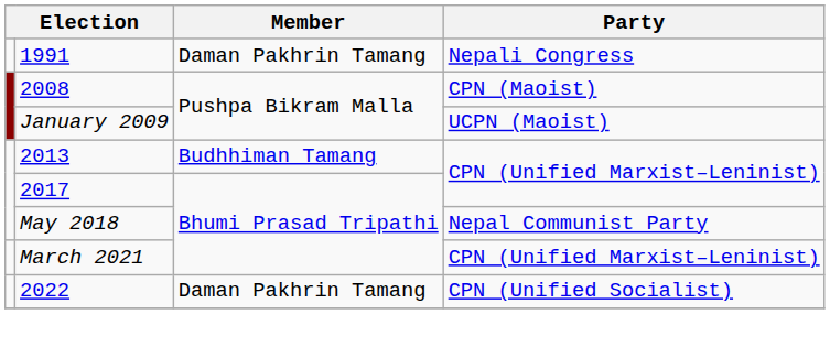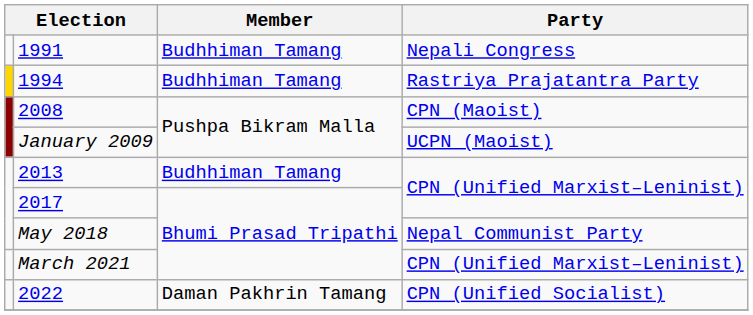 <table class="wikitable">
 <tr>
 <th colspan="2">Election</th>
 <th>Member</th>
 <th>Party</th>
 </tr>
 <tr>
 <td style="background-color:"></td>
 <td><a href='#'>1991</a></td>
-<td>Daman Pakhrin Tamang</td>
+<td><a href='#'>Budhhiman Tamang</a></td>
 <td><a href='#'>Nepali Congress</a></td>
+</tr>
+<tr>
+<td style="background-color:gold"></td>
+<td><a href='#'>1994</a></td>
+<td><a href='#'>Budhhiman Tamang</a></td>
+<td><a href='#'>Rastriya Prajatantra Party</a></td>
 </tr>
 <tr>
 <td rowspan="2" style="background-color:darkred"></td>
 <td><a href='#'>2008</a></td>
 <td rowspan="2">Pushpa Bikram Malla</td>
 <td><a href='#'>CPN (Maoist)</a></td>
 </tr>
 <tr>
 <td><em>January 2009</em></td>
 <td><a href='#'>UCPN (Maoist)</a></td>
 </tr>
 <tr>
 <td rowspan="3" style="background-color:"></td>
 <td><a href='#'>2013</a></td>
 <td><a href='#'>Budhhiman Tamang</a></td>
 <td rowspan="2"><a href='#'>CPN (Unified Marxist–Leninist)</a></td>
 </tr>
 <tr>
 <td><a href='#'>2017</a></td>
 <td rowspan="3"><a href='#'>Bhumi Prasad Tripathi</a></td>
 </tr>
 <tr>
 <td><em>May 2018</em></td>
 <td><a href='#'>Nepal Communist Party</a></td>
 </tr>
 <tr>
 <td></td>
 <td><em>March 2021</em></td>
 <td><a href='#'>CPN (Unified Marxist–Leninist)</a></td>
 </tr>
 <tr>
 <td></td>
 <td><a href='#'>2022</a></td>
 <td>Daman Pakhrin Tamang</td>
 <td><a href='#'>CPN (Unified Socialist)</a></td>
 </tr>
 <tr>
 </tr>
 </table>
